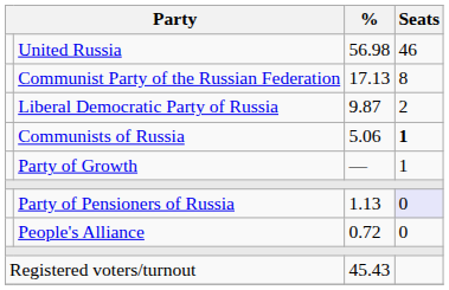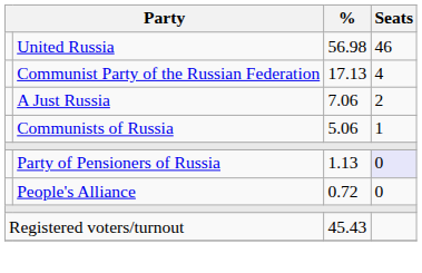 <table class="wikitable">
 <tr>
 <th colspan=2>Party</th>
 <th>%</th>
 <th>Seats</th>
 </tr>
 <tr>
 <td style="background:"></td>
 <td><a href='#'>United Russia</a></td>
 <td>56.98</td>
 <td>46</td>
 </tr>
 <tr>
 <td style="background:"></td>
 <td><a href='#'>Communist Party of the Russian Federation</a></td>
 <td>17.13</td>
-<td>8</td>
+<td>4</td>
 </tr>
 <tr>
 <td style="background:"></td>
-<td><a href='#'>Liberal Democratic Party of Russia</a></td>
-<td>9.87</td>
+<td><a href='#'>A Just Russia</a></td>
+<td>7.06</td>
 <td>2</td>
 </tr>
 <tr>
 <td style="background:"></td>
 <td><a href='#'>Communists of Russia</a></td>
 <td>5.06</td>
-<td><strong>1</strong></td>
-</tr>
-<tr>
-<td style="background:"></td>
-<td><a href='#'>Party of Growth</a></td>
-<td>—</td>
 <td>1</td>
 </tr>
 <tr>
 <td colspan=4 style="background:#E9E9E9;"></td>
 </tr>
 <tr>
 <td style="background:"></td>
 <td><a href='#'>Party of Pensioners of Russia</a></td>
 <td>1.13</td>
 <td style="background: lavender;">0</td>
 </tr>
 <tr>
 <td style="background:"></td>
 <td><a href='#'>People's Alliance</a></td>
 <td>0.72</td>
 <td>0</td>
 </tr>
 <tr>
 <td colspan=4 style="background:#E9E9E9;"></td>
 </tr>
 <tr>
 <td align=left colspan=2>Registered voters/turnout</td>
 <td>45.43</td>
 <td></td>
 </tr>
 <tr>
 </tr>
 </table>
